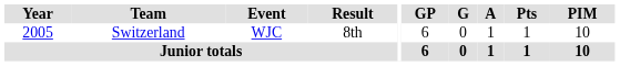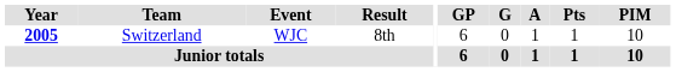 <table border="0" cellpadding="1" cellspacing="0" ID="Table3" style="text-align:center; width:40em">
 <tr ALIGN="center" bgcolor="#e0e0e0">
 <th>Year</th>
 <th>Team</th>
 <th>Event</th>
 <th>Result</th>
 <th rowspan="99" bgcolor="#ffffff"></th>
 <th>GP</th>
 <th>G</th>
 <th>A</th>
 <th>Pts</th>
 <th>PIM</th>
 </tr>
 <tr>
-<td><a href='#'>2005</a></td>
+<td><strong><a href='#'>2005</a></strong></td>
 <td><a href='#'>Switzerland</a></td>
 <td><a href='#'>WJC</a></td>
 <td>8th</td>
 <td>6</td>
 <td>0</td>
 <td>1</td>
 <td>1</td>
 <td>10</td>
 </tr>
 <tr bgcolor="#e0e0e0">
 <th colspan="4">Junior totals</th>
 <th>6</th>
 <th>0</th>
 <th>1</th>
 <th>1</th>
 <th>10</th>
 </tr>
 </table>
